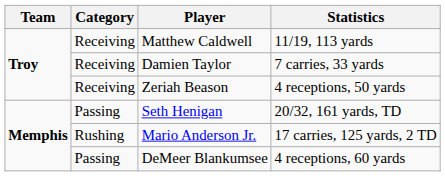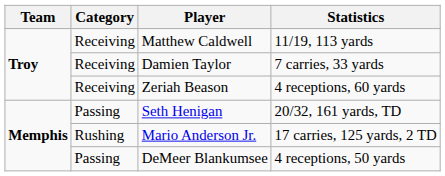 <table class="wikitable" style="float: right;">
 <tr>
 <th>Team</th>
 <th>Category</th>
 <th>Player</th>
 <th>Statistics</th>
 </tr>
 <tr>
 <td rowspan=3><strong>Troy</strong></td>
 <td>Receiving</td>
 <td>Matthew Caldwell</td>
 <td>11/19, 113 yards</td>
 </tr>
 <tr>
 <td>Receiving</td>
 <td>Damien Taylor</td>
 <td>7 carries, 33 yards</td>
 </tr>
 <tr>
 <td>Receiving</td>
 <td>Zeriah Beason</td>
-<td>4 receptions, 50 yards</td>
+<td>4 receptions, 60 yards</td>
 </tr>
 <tr>
 <td rowspan=3><strong>Memphis</strong></td>
 <td>Passing</td>
 <td><a href='#'>Seth Henigan</a></td>
 <td>20/32, 161 yards, TD</td>
 </tr>
 <tr>
 <td>Rushing</td>
 <td><a href='#'>Mario Anderson Jr.</a></td>
 <td>17 carries, 125 yards, 2 TD</td>
 </tr>
 <tr>
 <td>Passing</td>
 <td>DeMeer Blankumsee</td>
-<td>4 receptions, 60 yards</td>
+<td>4 receptions, 50 yards</td>
 </tr>
 </table>
